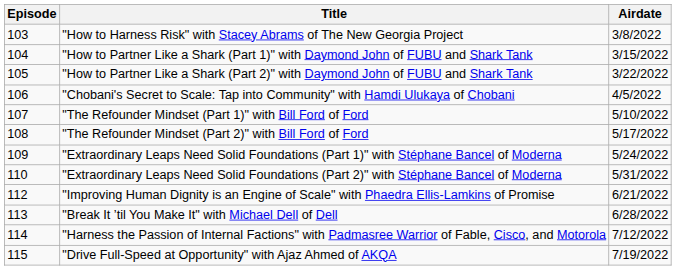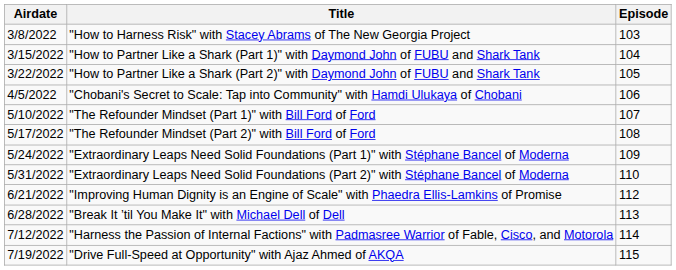 <table class="wikitable collapsible collapsed">
 <tr>
+<th>Airdate</th>
+<th>Title</th>
 <th>Episode</th>
-<th>Title</th>
-<th>Airdate</th>
 </tr>
 <tr>
+<td>3/8/2022</td>
+<td>"How to Harness Risk" with <a href='#'>Stacey Abrams</a> of The New Georgia Project</td>
 <td>103</td>
-<td>"How to Harness Risk" with <a href='#'>Stacey Abrams</a> of The New Georgia Project</td>
-<td>3/8/2022</td>
 </tr>
 <tr>
+<td>3/15/2022</td>
+<td>"How to Partner Like a Shark (Part 1)" with <a href='#'>Daymond John</a> of <a href='#'>FUBU</a> and <a href='#'>Shark Tank</a></td>
 <td>104</td>
-<td>"How to Partner Like a Shark (Part 1)" with <a href='#'>Daymond John</a> of <a href='#'>FUBU</a> and <a href='#'>Shark Tank</a></td>
-<td>3/15/2022</td>
 </tr>
 <tr>
+<td>3/22/2022</td>
+<td>"How to Partner Like a Shark (Part 2)" with <a href='#'>Daymond John</a> of <a href='#'>FUBU</a> and <a href='#'>Shark Tank</a></td>
 <td>105</td>
-<td>"How to Partner Like a Shark (Part 2)" with <a href='#'>Daymond John</a> of <a href='#'>FUBU</a> and <a href='#'>Shark Tank</a></td>
-<td>3/22/2022</td>
 </tr>
 <tr>
+<td>4/5/2022</td>
+<td>"Chobani's Secret to Scale: Tap into Community" with <a href='#'>Hamdi Ulukaya</a> of <a href='#'>Chobani</a></td>
 <td>106</td>
-<td>"Chobani's Secret to Scale: Tap into Community" with <a href='#'>Hamdi Ulukaya</a> of <a href='#'>Chobani</a></td>
-<td>4/5/2022</td>
 </tr>
 <tr>
+<td>5/10/2022</td>
+<td>"The Refounder Mindset (Part 1)" with <a href='#'>Bill Ford</a> of <a href='#'>Ford</a></td>
 <td>107</td>
-<td>"The Refounder Mindset (Part 1)" with <a href='#'>Bill Ford</a> of <a href='#'>Ford</a></td>
-<td>5/10/2022</td>
 </tr>
 <tr>
+<td>5/17/2022</td>
+<td>"The Refounder Mindset (Part 2)" with <a href='#'>Bill Ford</a> of <a href='#'>Ford</a></td>
 <td>108</td>
-<td>"The Refounder Mindset (Part 2)" with <a href='#'>Bill Ford</a> of <a href='#'>Ford</a></td>
-<td>5/17/2022</td>
 </tr>
 <tr>
+<td>5/24/2022</td>
+<td>"Extraordinary Leaps Need Solid Foundations (Part 1)" with <a href='#'>Stéphane Bancel</a> of <a href='#'>Moderna</a></td>
 <td>109</td>
-<td>"Extraordinary Leaps Need Solid Foundations (Part 1)" with <a href='#'>Stéphane Bancel</a> of <a href='#'>Moderna</a></td>
-<td>5/24/2022</td>
 </tr>
 <tr>
+<td>5/31/2022</td>
+<td>"Extraordinary Leaps Need Solid Foundations (Part 2)" with <a href='#'>Stéphane Bancel</a> of <a href='#'>Moderna</a></td>
 <td>110</td>
-<td>"Extraordinary Leaps Need Solid Foundations (Part 2)" with <a href='#'>Stéphane Bancel</a> of <a href='#'>Moderna</a></td>
-<td>5/31/2022</td>
 </tr>
 <tr>
+<td>6/21/2022</td>
+<td>"Improving Human Dignity is an Engine of Scale" with <a href='#'>Phaedra Ellis-Lamkins</a> of Promise</td>
 <td>112</td>
-<td>"Improving Human Dignity is an Engine of Scale" with <a href='#'>Phaedra Ellis-Lamkins</a> of Promise</td>
-<td>6/21/2022</td>
 </tr>
 <tr>
+<td>6/28/2022</td>
+<td>"Break It ’til You Make It" with <a href='#'>Michael Dell</a> of <a href='#'>Dell</a></td>
 <td>113</td>
-<td>"Break It ’til You Make It" with <a href='#'>Michael Dell</a> of <a href='#'>Dell</a></td>
-<td>6/28/2022</td>
 </tr>
 <tr>
+<td>7/12/2022</td>
+<td>"Harness the Passion of Internal Factions" with <a href='#'>Padmasree Warrior</a> of Fable, <a href='#'>Cisco</a>, and <a href='#'>Motorola</a></td>
 <td>114</td>
-<td>"Harness the Passion of Internal Factions" with <a href='#'>Padmasree Warrior</a> of Fable, <a href='#'>Cisco</a>, and <a href='#'>Motorola</a></td>
-<td>7/12/2022</td>
 </tr>
 <tr>
+<td>7/19/2022</td>
+<td>"Drive Full-Speed at Opportunity" with Ajaz Ahmed of <a href='#'>AKQA</a></td>
 <td>115</td>
-<td>"Drive Full-Speed at Opportunity" with Ajaz Ahmed of <a href='#'>AKQA</a></td>
-<td>7/19/2022</td>
 </tr>
 </table>
